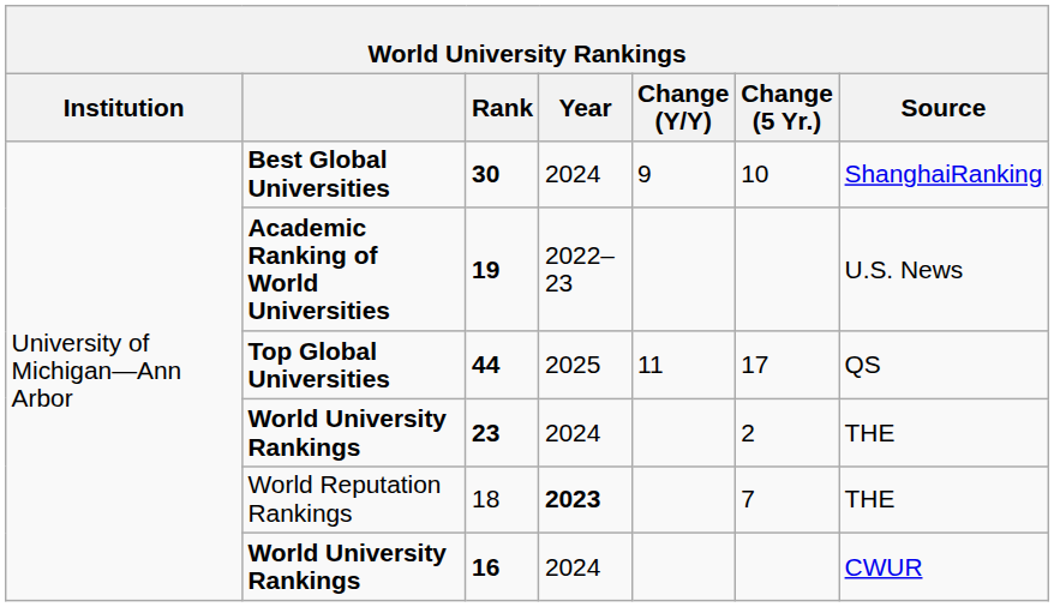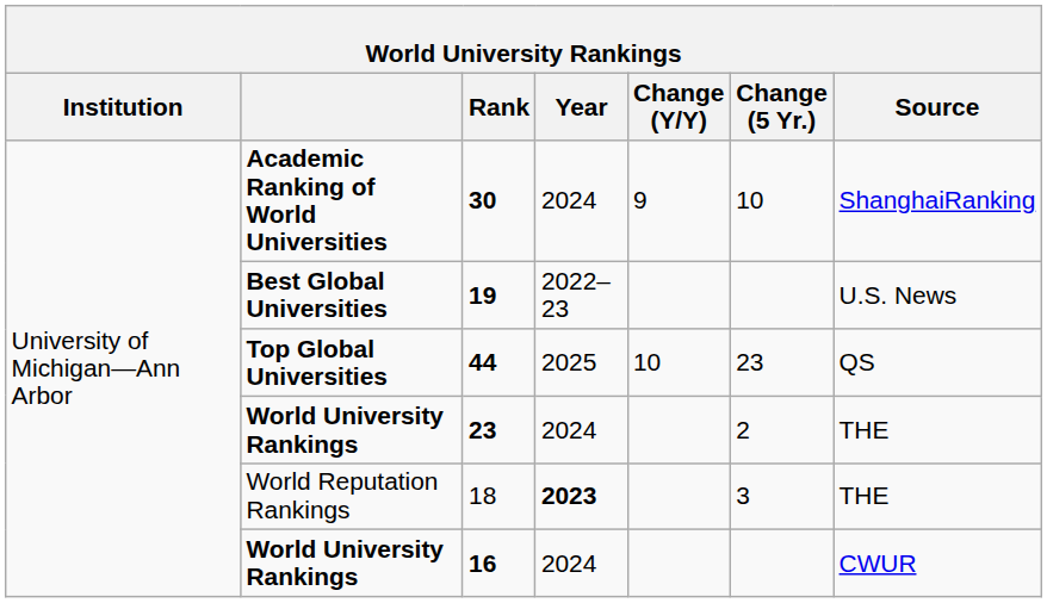 <table class="wikitable collapsible" style="font-size: 90%; width: 600px;">
 <tr>
 <th colspan="7"><br>World University Rankings</th>
 </tr>
 <tr>
 <th>Institution</th>
 <th></th>
 <th>Rank</th>
 <th>Year</th>
 <th>Change<br>(Y/Y)</th>
 <th>Change<br>(5 Yr.)</th>
 <th>Source</th>
 </tr>
 <tr>
 <td rowspan="6">University of Michigan—Ann Arbor</td>
-<td><strong>Best Global Universities</strong></td>
+<td><strong>Academic Ranking of<br>World Universities</strong></td>
 <td><strong>30</strong></td>
 <td>2024</td>
 <td> 9</td>
 <td> 10</td>
 <td><a href='#'>ShanghaiRanking</a></td>
 </tr>
 <tr>
-<td><strong>Academic Ranking of<br>World Universities</strong></td>
+<td><strong>Best Global Universities</strong></td>
 <td><strong>19</strong></td>
 <td>2022–23</td>
 <td></td>
 <td></td>
 <td>U.S. News</td>
 </tr>
 <tr>
 <td><strong>Top Global Universities</strong></td>
 <td><strong>44</strong></td>
 <td>2025</td>
-<td> 11</td>
-<td> 17</td>
+<td> 10</td>
+<td> 23</td>
 <td>QS</td>
 </tr>
 <tr>
 <td><strong>World University Rankings</strong></td>
 <td><strong>23</strong></td>
 <td>2024</td>
 <td></td>
 <td> 2</td>
 <td>THE</td>
 </tr>
 <tr>
 <td>World Reputation Rankings</td>
 <td>18</td>
 <td><strong>2023</strong></td>
 <td></td>
-<td> 7</td>
+<td> 3</td>
 <td>THE</td>
 </tr>
 <tr>
 <td><strong>World University Rankings</strong></td>
 <td><strong>16</strong></td>
 <td>2024</td>
 <td></td>
 <td></td>
 <td><a href='#'>CWUR</a></td>
 </tr>
 </table>
